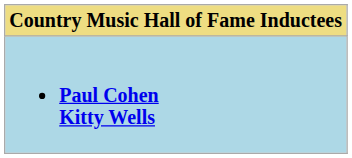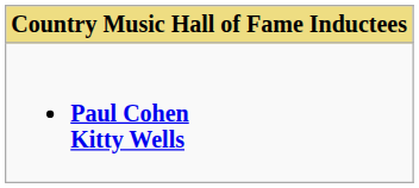 <table class="wikitable">
 <tr>
 <th style="background:#EEDD82; width=50%">Country Music Hall of Fame Inductees</th>
 </tr>
 <tr>
-<td valign="top" style="background: lightblue;"><br><ul><li><strong><a href='#'>Paul Cohen</a></strong><br><strong><a href='#'>Kitty Wells</a></strong></li></ul></td>
+<td valign="top"><br><ul><li><strong><a href='#'>Paul Cohen</a></strong><br><strong><a href='#'>Kitty Wells</a></strong></li></ul></td>
 </tr>
 </table>
